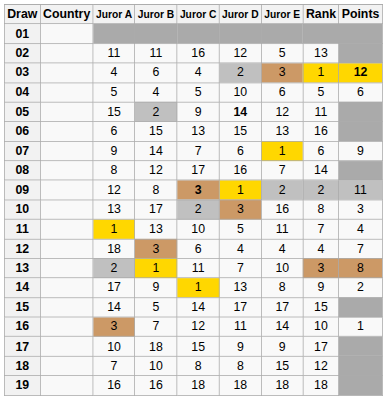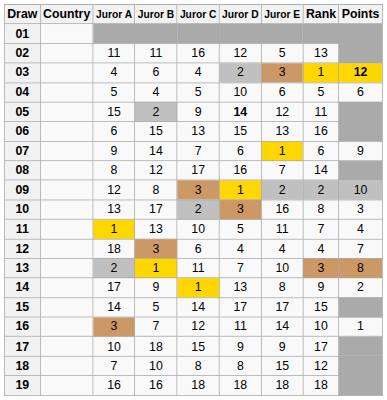 <table class="sortable wikitable collapsible plainrowheaders" style="text-align:center;">
 <tr>
 </tr>
 <tr>
 <th scope="col">Draw</th>
 <th scope="col">Country</th>
 <th scope="col"><small>Juror A</small></th>
 <th scope="col"><small>Juror B</small></th>
 <th scope="col"><small>Juror C</small></th>
 <th scope="col"><small>Juror D</small></th>
 <th scope="col"><small>Juror E</small></th>
 <th scope="col">Rank</th>
 <th scope="col">Points</th>
 </tr>
 <tr class="sortbottom">
 <th scope="row" style="text-align:center;">01</th>
 <td style="text-align:left;"></td>
 <td style="background:#AAAAAA;"></td>
 <td style="background:#AAAAAA;"></td>
 <td style="background:#AAAAAA;"></td>
 <td style="background:#AAAAAA;"></td>
 <td style="background:#AAAAAA;"></td>
 <td style="background:#AAAAAA;"></td>
 <td style="background:#AAAAAA;"></td>
 </tr>
 <tr>
 <th scope="row" style="text-align:center;">02</th>
 <td style="text-align:left;"></td>
 <td>11</td>
 <td>11</td>
 <td>16</td>
 <td>12</td>
 <td>5</td>
 <td>13</td>
 <td style="background:#AAAAAA;"></td>
 </tr>
 <tr>
 <th scope="row" style="text-align:center;">03</th>
 <td style="text-align:left;"></td>
 <td>4</td>
 <td>6</td>
 <td>4</td>
 <td style="background:silver;">2</td>
 <td style="background:#CC9966;">3</td>
 <td style="background:gold;">1</td>
 <td style="background:gold;"><strong>12</strong></td>
 </tr>
 <tr>
 <th scope="row" style="text-align:center;">04</th>
 <td style="text-align:left;"></td>
 <td>5</td>
 <td>4</td>
 <td>5</td>
 <td>10</td>
 <td>6</td>
 <td>5</td>
 <td>6</td>
 </tr>
 <tr>
 <th scope="row" style="text-align:center;">05</th>
 <td style="text-align:left;"></td>
 <td>15</td>
 <td style="background:silver;">2</td>
 <td>9</td>
 <td><strong>14</strong></td>
 <td>12</td>
 <td>11</td>
 <td style="background:#AAAAAA;"></td>
 </tr>
 <tr>
 <th scope="row" style="text-align:center;">06</th>
 <td style="text-align:left;"></td>
 <td>6</td>
 <td>15</td>
 <td>13</td>
 <td>15</td>
 <td>13</td>
 <td>16</td>
 <td style="background:#AAAAAA;"></td>
 </tr>
 <tr>
 <th scope="row" style="text-align:center;">07</th>
 <td style="text-align:left;"></td>
 <td>9</td>
 <td>14</td>
 <td>7</td>
 <td>6</td>
 <td style="background:gold;">1</td>
 <td>6</td>
 <td>9</td>
 </tr>
 <tr>
 <th scope="row" style="text-align:center;">08</th>
 <td style="text-align:left;"></td>
 <td>8</td>
 <td>12</td>
 <td>17</td>
 <td>16</td>
 <td>7</td>
 <td>14</td>
 <td style="background:#AAAAAA;"></td>
 </tr>
 <tr>
 <th scope="row" style="text-align:center;">09</th>
 <td style="text-align:left;"></td>
 <td>12</td>
 <td>8</td>
-<td style="background:#CC9966;"><strong>3</strong></td>
+<td style="background:#CC9966;">3</td>
 <td style="background:gold;">1</td>
 <td style="background:silver;">2</td>
 <td style="background:silver;">2</td>
-<td style="background:silver;">11</td>
+<td style="background:silver;">10</td>
 </tr>
 <tr>
 <th scope="row" style="text-align:center;">10</th>
 <td style="text-align:left;"></td>
 <td>13</td>
 <td>17</td>
 <td style="background:silver;">2</td>
 <td style="background:#CC9966;">3</td>
 <td>16</td>
 <td>8</td>
 <td>3</td>
 </tr>
 <tr>
 <th scope="row" style="text-align:center;">11</th>
 <td style="text-align:left;"></td>
 <td style="background:gold;">1</td>
 <td>13</td>
 <td>10</td>
 <td>5</td>
 <td>11</td>
 <td>7</td>
 <td>4</td>
 </tr>
 <tr>
 <th scope="row" style="text-align:center;">12</th>
 <td style="text-align:left;"></td>
 <td>18</td>
 <td style="background:#CC9966;">3</td>
 <td>6</td>
 <td>4</td>
 <td>4</td>
 <td>4</td>
 <td>7</td>
 </tr>
 <tr>
 <th scope="row" style="text-align:center;">13</th>
 <td style="text-align:left;"></td>
 <td style="background:silver;">2</td>
 <td style="background:gold;">1</td>
 <td>11</td>
 <td>7</td>
 <td>10</td>
 <td style="background:#CC9966;">3</td>
 <td style="background:#CC9966;">8</td>
 </tr>
 <tr>
 <th scope="row" style="text-align:center;">14</th>
 <td style="text-align:left;"></td>
 <td>17</td>
 <td>9</td>
 <td style="background:gold;">1</td>
 <td>13</td>
 <td>8</td>
 <td>9</td>
 <td>2</td>
 </tr>
 <tr>
 <th scope="row" style="text-align:center;">15</th>
 <td style="text-align:left;"></td>
 <td>14</td>
 <td>5</td>
 <td>14</td>
 <td>17</td>
 <td>17</td>
 <td>15</td>
 <td style="background:#AAAAAA;"></td>
 </tr>
 <tr>
 <th scope="row" style="text-align:center;">16</th>
 <td style="text-align:left;"></td>
 <td style="background:#CC9966;">3</td>
 <td>7</td>
 <td>12</td>
 <td>11</td>
 <td>14</td>
 <td>10</td>
 <td>1</td>
 </tr>
 <tr>
 <th scope="row" style="text-align:center;">17</th>
 <td style="text-align:left;"></td>
 <td>10</td>
 <td>18</td>
 <td>15</td>
 <td>9</td>
 <td>9</td>
 <td>17</td>
 <td style="background:#AAAAAA;"></td>
 </tr>
 <tr>
 <th scope="row" style="text-align:center;">18</th>
 <td style="text-align:left;"></td>
 <td>7</td>
 <td>10</td>
 <td>8</td>
 <td>8</td>
 <td>15</td>
 <td>12</td>
 <td style="background:#AAAAAA;"></td>
 </tr>
 <tr>
 <th scope="row" style="text-align:center;">19</th>
 <td style="text-align:left;"></td>
 <td>16</td>
 <td>16</td>
 <td>18</td>
 <td>18</td>
 <td>18</td>
 <td>18</td>
 <td style="background:#AAAAAA;"></td>
 </tr>
 </table>
